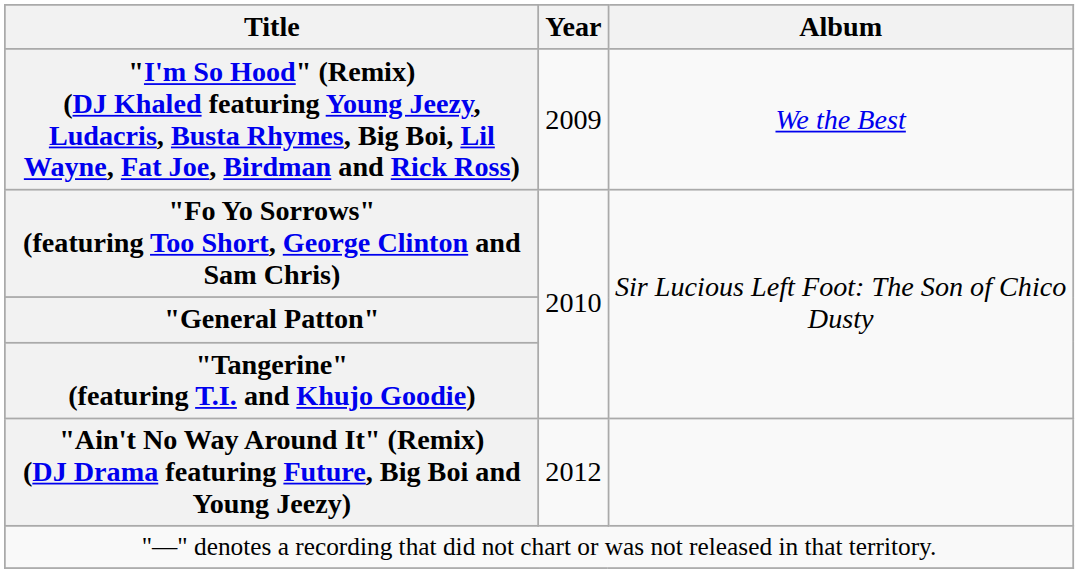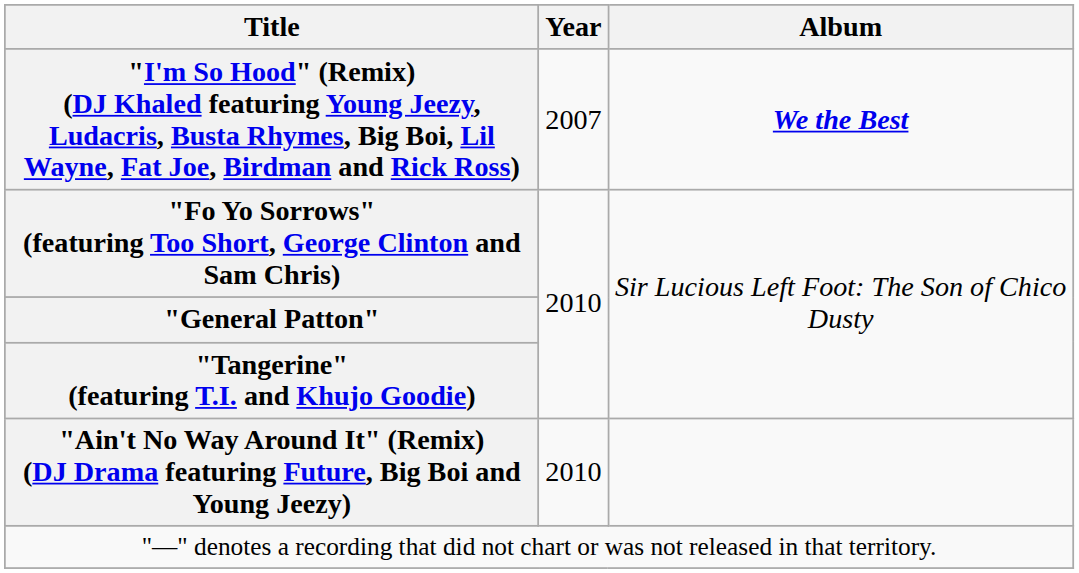 <table class="wikitable plainrowheaders" style="text-align:center;" border="1">
 <tr>
 <th scope="col" style="width:18.5em;">Title</th>
 <th scope="col">Year</th>
 <th scope="col">Album</th>
 </tr>
 <tr>
 <th scope="row">"<a href='#'>I'm So Hood</a>" (Remix)<br><span>(<a href='#'>DJ Khaled</a> featuring <a href='#'>Young Jeezy</a>, <a href='#'>Ludacris</a>, <a href='#'>Busta Rhymes</a>, Big Boi, <a href='#'>Lil Wayne</a>, <a href='#'>Fat Joe</a>, <a href='#'>Birdman</a> and <a href='#'>Rick Ross</a>)</span></th>
-<td>2009</td>
-<td><em><a href='#'>We the Best</a></em></td>
+<td>2007</td>
+<td><strong><em><a href='#'>We the Best</a></em></strong></td>
 </tr>
 <tr>
 <th scope="row">"Fo Yo Sorrows"<br><span>(featuring <a href='#'>Too Short</a>, <a href='#'>George Clinton</a> and Sam Chris)</span></th>
 <td rowspan="3">2010</td>
 <td rowspan="3"><em>Sir Lucious Left Foot: The Son of Chico Dusty</em></td>
 </tr>
 <tr>
 <th scope="row">"General Patton"</th>
 </tr>
 <tr>
 <th scope="row">"Tangerine"<br><span>(featuring <a href='#'>T.I.</a> and <a href='#'>Khujo Goodie</a>)</span></th>
 </tr>
 <tr>
 <th scope="row">"Ain't No Way Around It" (Remix)<br><span>(<a href='#'>DJ Drama</a> featuring <a href='#'>Future</a>, Big Boi and Young Jeezy)</span></th>
-<td>2012</td>
+<td>2010</td>
 <td></td>
 </tr>
 <tr>
 <td colspan="3" style="font-size:90%">"—" denotes a recording that did not chart or was not released in that territory.</td>
 </tr>
 </table>
